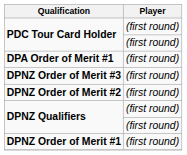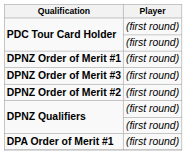 <table class="wikitable">
 <tr style="font-size:10pt;font-weight:bold">
 <th>Qualification</th>
 <th>Player</th>
 </tr>
 <tr>
 <td rowspan="2"><strong>PDC Tour Card Holder</strong></td>
 <td> <em>(first round)</em></td>
 </tr>
 <tr>
 <td> <em>(first round)</em></td>
 </tr>
 <tr>
-<td><strong>DPA Order of Merit #1</strong></td>
+<td><strong>DPNZ Order of Merit #1</strong></td>
 <td> <em>(first round)</em></td>
 </tr>
 <tr>
 <td><strong>DPNZ Order of Merit #3</strong></td>
 <td> <em>(first round)</em></td>
 </tr>
 <tr>
 <td><strong>DPNZ Order of Merit #2</strong></td>
 <td> <em>(first round)</em></td>
 </tr>
 <tr>
 <td rowspan="2"><strong>DPNZ Qualifiers</strong></td>
 <td> <em>(first round)</em></td>
 </tr>
 <tr>
 <td> <em>(first round)</em></td>
 </tr>
 <tr>
-<td><strong>DPNZ Order of Merit #1</strong></td>
+<td><strong>DPA Order of Merit #1</strong></td>
 <td> <em>(first round)</em></td>
 </tr>
 <tr>
 </tr>
 </table>
